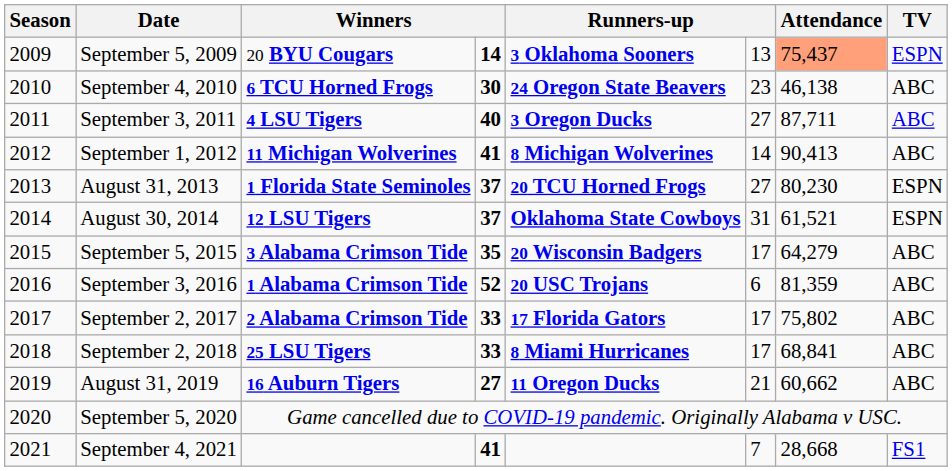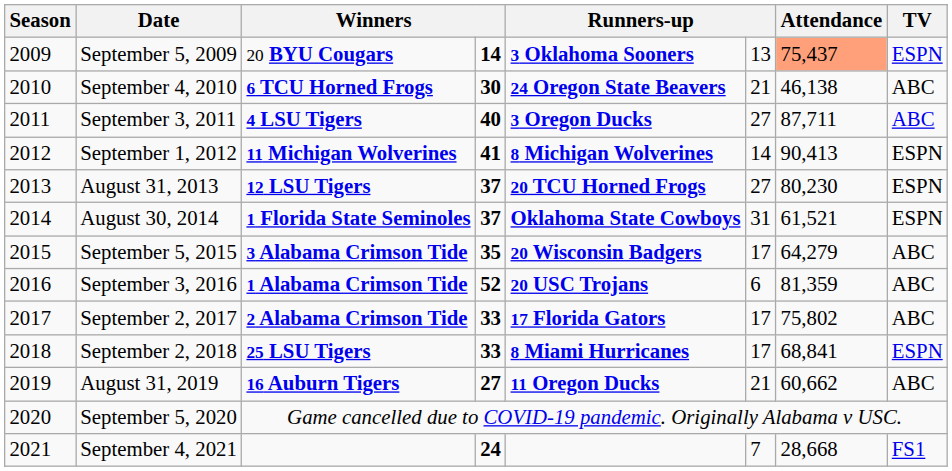 <table class=wikitable>
 <tr>
 <th>Season</th>
 <th>Date</th>
 <th colspan=2>Winners</th>
 <th colspan=2>Runners-up</th>
 <th>Attendance</th>
 <th>TV</th>
 </tr>
 <tr>
 <td>2009</td>
 <td>September 5, 2009</td>
 <td style=><small>20</small> <strong><a href='#'><span>BYU Cougars</span></a></strong></td>
 <td><strong>14</strong></td>
 <td style=><strong><a href='#'><span><small>3</small> Oklahoma Sooners</span></a></strong></td>
 <td>13</td>
 <td style="background: lightsalmon;">75,437</td>
 <td><a href='#'>ESPN</a></td>
 </tr>
 <tr>
 <td>2010</td>
 <td>September 4, 2010</td>
 <td style=><strong><a href='#'><span><small>6</small> TCU Horned Frogs</span></a></strong></td>
 <td><strong>30</strong></td>
 <td style=><strong><a href='#'><span><small>24</small> Oregon State Beavers</span></a></strong></td>
-<td>23</td>
+<td>21</td>
 <td>46,138</td>
 <td>ABC</td>
 </tr>
 <tr>
 <td>2011</td>
 <td>September 3, 2011</td>
 <td style=><strong><a href='#'><span><small>4</small> LSU Tigers</span></a></strong></td>
 <td><strong>40</strong></td>
 <td style=><strong><a href='#'><span><small>3</small> Oregon Ducks</span></a></strong></td>
 <td>27</td>
 <td>87,711</td>
 <td><a href='#'>ABC</a></td>
 </tr>
 <tr>
 <td>2012</td>
 <td>September 1, 2012</td>
 <td style=><strong><a href='#'><span><small>11</small> Michigan Wolverines</span></a></strong></td>
 <td><strong>41</strong></td>
 <td style=><strong><a href='#'><span><small>8</small> Michigan Wolverines</span></a></strong></td>
 <td>14</td>
 <td>90,413</td>
-<td>ABC</td>
+<td>ESPN</td>
 </tr>
 <tr>
 <td>2013</td>
 <td>August 31, 2013</td>
-<td style=><strong><a href='#'><span><small>1</small> Florida State Seminoles</span></a></strong></td>
+<td style=><strong><a href='#'><span><small>12</small> LSU Tigers</span></a></strong></td>
 <td><strong>37</strong></td>
 <td style=><strong><a href='#'><span><small>20</small> TCU Horned Frogs</span></a></strong></td>
 <td>27</td>
 <td>80,230</td>
 <td>ESPN</td>
 </tr>
 <tr>
 <td>2014</td>
 <td>August 30, 2014</td>
-<td style=><strong><a href='#'><span><small>12</small> LSU Tigers</span></a></strong></td>
+<td style=><strong><a href='#'><span><small>1</small> Florida State Seminoles</span></a></strong></td>
 <td><strong>37</strong></td>
 <td style=><strong><a href='#'><span>Oklahoma State Cowboys</span></a></strong></td>
 <td>31</td>
 <td>61,521</td>
 <td>ESPN</td>
 </tr>
 <tr>
 <td>2015</td>
 <td>September 5, 2015</td>
 <td style=><strong><a href='#'><span><small>3</small> Alabama Crimson Tide</span></a></strong></td>
 <td><strong>35</strong></td>
 <td style=><strong><a href='#'><span><small>20</small> Wisconsin Badgers</span></a></strong></td>
 <td>17</td>
 <td>64,279</td>
 <td>ABC</td>
 </tr>
 <tr>
 <td>2016</td>
 <td>September 3, 2016</td>
 <td style=><strong><a href='#'><span><small>1</small> Alabama Crimson Tide</span></a></strong></td>
 <td><strong>52</strong></td>
 <td style=><strong><a href='#'><span><small>20</small> USC Trojans</span></a></strong></td>
 <td>6</td>
 <td>81,359</td>
 <td>ABC</td>
 </tr>
 <tr>
 <td>2017</td>
 <td>September 2, 2017</td>
 <td style=><strong><a href='#'><span><small>2</small> Alabama Crimson Tide</span></a></strong></td>
 <td><strong>33</strong></td>
 <td style=><strong><a href='#'><span><small>17</small> Florida Gators</span></a></strong></td>
 <td>17</td>
 <td>75,802</td>
 <td>ABC</td>
 </tr>
 <tr>
 <td>2018</td>
 <td>September 2, 2018</td>
 <td style=><strong><a href='#'><span><small>25</small> LSU Tigers</span></a></strong></td>
 <td><strong>33</strong></td>
 <td style=><strong><a href='#'><span><small>8</small> Miami Hurricanes</span></a></strong></td>
 <td>17</td>
 <td>68,841</td>
-<td>ABC</td>
+<td><a href='#'>ESPN</a></td>
 </tr>
 <tr>
 <td>2019</td>
 <td>August 31, 2019</td>
 <td><strong><a href='#'><span><small>16</small> Auburn Tigers</span></a></strong></td>
 <td><strong>27</strong></td>
 <td style=><strong><a href='#'><span><small>11</small> Oregon Ducks</span></a></strong></td>
 <td>21</td>
 <td>60,662</td>
 <td>ABC</td>
 </tr>
 <tr>
 <td>2020</td>
 <td>September 5, 2020</td>
 <td colspan=6 style="text-align:center"><em>Game cancelled due to <a href='#'>COVID-19 pandemic</a>. Originally Alabama v USC.</em></td>
 </tr>
 <tr>
 <td>2021</td>
 <td>September 4, 2021</td>
 <td style=><small></small> <strong><a href='#'></a></strong></td>
-<td><strong>41</strong></td>
+<td><strong>24</strong></td>
 <td style=><small></small> <strong><a href='#'></a></strong></td>
 <td>7</td>
 <td>28,668</td>
 <td><a href='#'>FS1</a></td>
 </tr>
 </table>
